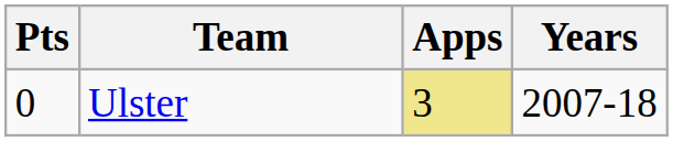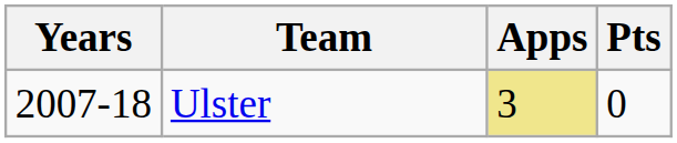 <table class="wikitable" style="text-align:left;">
 <tr>
-<th>Pts</th>
+<th>Years</th>
 <th width=120px>Team</th>
 <th>Apps</th>
-<th>Years</th>
+<th>Pts</th>
 </tr>
 <tr>
-<td>0</td>
+<td>2007-18</td>
 <td><a href='#'>Ulster</a></td>
 <td style="background: khaki;">3</td>
-<td>2007-18</td>
+<td>0</td>
 </tr>
 </table>
